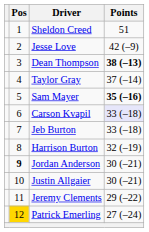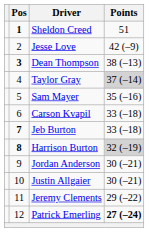 <table class="wikitable" style="font-size: 95%;">
 <tr>
 <th></th>
 <th>Pos</th>
 <th>Driver</th>
 <th>Points</th>
 </tr>
 <tr>
 <td align="left"></td>
-<td style="text-align:center;">1</td>
+<td style="text-align:center;"><strong>1</strong></td>
 <td><a href='#'>Sheldon Creed</a></td>
 <td style="text-align:center;">51</td>
 </tr>
 <tr>
 <td align="left"></td>
 <td style="text-align:center;">2</td>
 <td><a href='#'>Jesse Love</a></td>
 <td style="text-align:center;">42 (–9)</td>
 </tr>
 <tr>
 <td align="left"></td>
-<td style="text-align:center;">3</td>
+<td style="text-align:center;"><strong>3</strong></td>
 <td><a href='#'>Dean Thompson</a></td>
-<td style="text-align:center;"><strong>38 (–13)</strong></td>
+<td style="text-align:center;">38 (–13)</td>
 </tr>
 <tr>
 <td align="left"></td>
 <td style="text-align:center;">4</td>
 <td><a href='#'>Taylor Gray</a></td>
-<td style="text-align:center;">37 (–14)</td>
+<td style="background: lightgrey; text-align:center;">37 (–14)</td>
 </tr>
 <tr>
 <td align="left"></td>
 <td style="text-align:center;">5</td>
 <td><a href='#'>Sam Mayer</a></td>
-<td style="text-align:center;"><strong>35 (–16)</strong></td>
+<td style="text-align:center;">35 (–16)</td>
 </tr>
 <tr>
 <td align="left"></td>
 <td style="text-align:center;">6</td>
 <td><a href='#'>Carson Kvapil</a></td>
-<td style="background: lavender; text-align:center;">33 (–18)</td>
+<td style="text-align:center;">33 (–18)</td>
 </tr>
 <tr>
 <td align="left"></td>
-<td style="text-align:center;">7</td>
+<td style="text-align:center;"><strong>7</strong></td>
 <td><a href='#'>Jeb Burton</a></td>
 <td style="text-align:center;">33 (–18)</td>
 </tr>
 <tr>
 <td align="left"></td>
-<td style="text-align:center;">8</td>
+<td style="text-align:center;"><strong>8</strong></td>
 <td><a href='#'>Harrison Burton</a></td>
-<td style="text-align:center;">32 (–19)</td>
+<td style="background: lightgrey; text-align:center;">32 (–19)</td>
 </tr>
 <tr>
 <td align="left"></td>
-<td style="text-align:center;"><strong>9</strong></td>
+<td style="text-align:center;">9</td>
 <td><a href='#'>Jordan Anderson</a></td>
 <td style="text-align:center;">30 (–21)</td>
 </tr>
 <tr>
 <td align="left"></td>
 <td style="text-align:center;">10</td>
 <td><a href='#'>Justin Allgaier</a></td>
 <td style="text-align:center;">30 (–21)</td>
 </tr>
 <tr>
 <td align="left"></td>
 <td style="text-align:center;">11</td>
 <td><a href='#'>Jeremy Clements</a></td>
 <td style="text-align:center;">29 (–22)</td>
 </tr>
 <tr>
 <td align="left"></td>
-<td style="background: gold; text-align:center;">12</td>
+<td style="text-align:center;">12</td>
 <td><a href='#'>Patrick Emerling</a></td>
-<td style="text-align:center;">27 (–24)</td>
+<td style="text-align:center;"><strong>27 (–24)</strong></td>
 </tr>
 <tr class="sortbottom">
 <th colspan="9"></th>
 </tr>
 </table>
